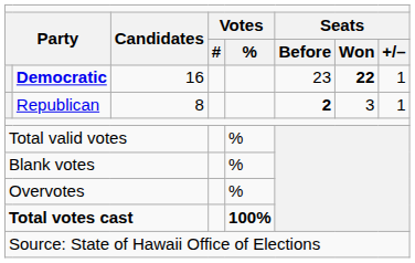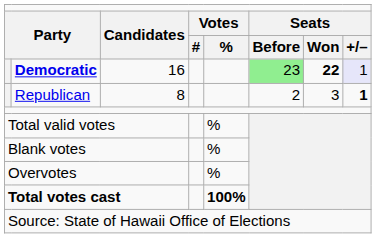 <table class="wikitable">
 <tr>
 <td colspan="13" align="center"></td>
 </tr>
 <tr>
 <th colspan="2" rowspan="3">Party</th>
 <th rowspan="3">Candidates</th>
 <th colspan="2">Votes</th>
 <th colspan="3" rowspan="2">Seats</th>
 </tr>
 <tr>
 <th rowspan="2">#</th>
 <th rowspan="2">%</th>
 </tr>
 <tr>
 <th>Before</th>
 <th>Won</th>
 <th>+/–</th>
 </tr>
 <tr>
 <th style="background-color:"></th>
 <td><a href='#'><strong>Democratic</strong></a></td>
 <td align="right">16</td>
 <td align="right"><strong> </strong></td>
 <td align="right"><strong> </strong></td>
-<td align="right">23</td>
+<td align="right" style="background: lightgreen;">23</td>
 <td align="right"><strong>22</strong></td>
-<td align="right"> 1</td>
+<td align="right" style="background: lavender;"> 1</td>
 </tr>
 <tr>
 <th style="background-color:"></th>
 <td><a href='#'>Republican</a></td>
 <td align="right">8</td>
 <td align="right"></td>
 <td align="right"></td>
-<td align="right"><strong>2</strong></td>
+<td align="right">2</td>
 <td align="right">3</td>
-<td align="right"> 1</td>
+<td align="right"><strong> 1</strong></td>
 </tr>
 <tr>
 <td colspan="8"></td>
 </tr>
 <tr>
 <td colspan="3">Total valid votes</td>
 <td></td>
 <td>%</td>
 <th colspan=3 rowspan=4></th>
 </tr>
 <tr>
 <td colspan="3">Blank votes</td>
 <td></td>
 <td>%</td>
 </tr>
 <tr>
 <td colspan="3">Overvotes</td>
 <td></td>
 <td>%</td>
 </tr>
 <tr>
 <td colspan="3"><strong>Total votes cast</strong></td>
 <td><strong> </strong></td>
 <td><strong>100%</strong></td>
 </tr>
 <tr>
 <td colspan="8">Source: State of Hawaii Office of Elections</td>
 </tr>
 </table>
